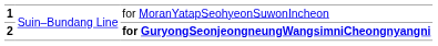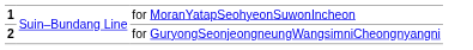 <table border=1 cellspacing=0 cellpadding=3 frame=hsides rules=rows>
 <tr>
 <th>1</th>
 <td rowspan="2"> <a href='#'>Suin–Bundang Line</a></td>
 <td>for <a href='#'>Moran</a><a href='#'>Yatap</a><a href='#'>Seohyeon</a><a href='#'>Suwon</a><a href='#'>Incheon</a></td>
 </tr>
 <tr>
 <th>2</th>
-<td><strong>for <a href='#'>Guryong</a><a href='#'>Seonjeongneung</a><a href='#'>Wangsimni</a><a href='#'>Cheongnyangni</a></strong></td>
+<td>for <a href='#'>Guryong</a><a href='#'>Seonjeongneung</a><a href='#'>Wangsimni</a><a href='#'>Cheongnyangni</a></td>
 </tr>
 </table>
